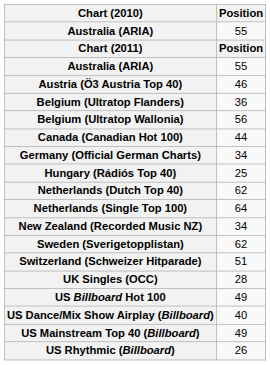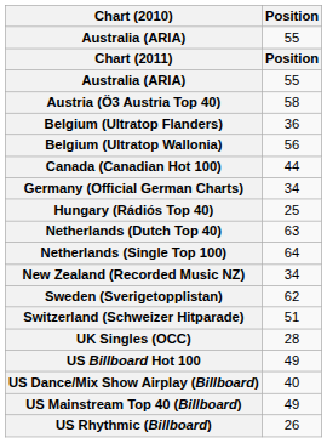 <table class="wikitable sortable plainrowheaders">
 <tr>
 <th scope="col">Chart (2010)</th>
 <th scope="col">Position</th>
 </tr>
 <tr>
 <th scope="row">Australia (ARIA)</th>
 <td style="text-align:center;">55</td>
 </tr>
 <tr>
 <th scope="col">Chart (2011)</th>
 <th scope="col">Position</th>
 </tr>
 <tr>
 <th scope="row">Australia (ARIA)</th>
 <td style="text-align:center;">55</td>
 </tr>
 <tr>
 <th scope="row">Austria (Ö3 Austria Top 40)</th>
-<td style="text-align:center;">46</td>
+<td style="text-align:center;">58</td>
 </tr>
 <tr>
 <th scope="row">Belgium (Ultratop Flanders)</th>
 <td style="text-align:center;">36</td>
 </tr>
 <tr>
 <th scope="row">Belgium (Ultratop Wallonia)</th>
 <td style="text-align:center;">56</td>
 </tr>
 <tr>
 <th scope="row">Canada (Canadian Hot 100)</th>
 <td style="text-align:center;">44</td>
 </tr>
 <tr>
 <th scope="row">Germany (Official German Charts)</th>
 <td style="text-align:center;">34</td>
 </tr>
 <tr>
 <th scope="row">Hungary (Rádiós Top 40)</th>
 <td style="text-align:center;">25</td>
 </tr>
 <tr>
 <th scope="row">Netherlands (Dutch Top 40)</th>
-<td style="text-align:center;">62</td>
+<td style="text-align:center;">63</td>
 </tr>
 <tr>
 <th scope="row">Netherlands (Single Top 100)</th>
 <td style="text-align:center;">64</td>
 </tr>
 <tr>
 <th scope="row">New Zealand (Recorded Music NZ)</th>
 <td style="text-align:center;">34</td>
 </tr>
 <tr>
 <th scope="row">Sweden (Sverigetopplistan)</th>
 <td style="text-align:center;">62</td>
 </tr>
 <tr>
 <th scope="row">Switzerland (Schweizer Hitparade)</th>
 <td style="text-align:center;">51</td>
 </tr>
 <tr>
 <th scope="row">UK Singles (OCC)</th>
 <td style="text-align:center;">28</td>
 </tr>
 <tr>
 <th scope="row">US <em>Billboard</em> Hot 100</th>
 <td style="text-align:center;">49</td>
 </tr>
 <tr>
 <th scope="row">US Dance/Mix Show Airplay (<em>Billboard</em>)</th>
 <td style="text-align:center;">40</td>
 </tr>
 <tr>
 <th scope="row">US Mainstream Top 40 (<em>Billboard</em>)</th>
 <td style="text-align:center;">49</td>
 </tr>
 <tr>
 <th scope="row">US Rhythmic (<em>Billboard</em>)</th>
 <td style="text-align:center;">26</td>
 </tr>
 </table>
